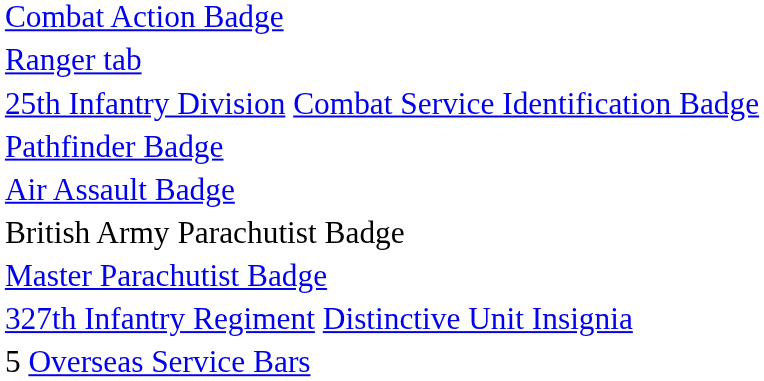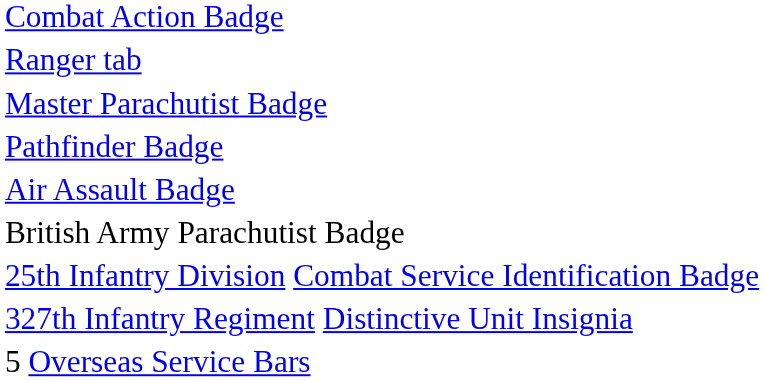 <table>
 <tr>
 <td> <a href='#'>Combat Action Badge</a></td>
 </tr>
 <tr>
 <td> <a href='#'>Ranger tab</a></td>
 </tr>
 <tr>
-<td> <a href='#'>25th Infantry Division</a> <a href='#'>Combat Service Identification Badge</a></td>
+<td> <a href='#'>Master Parachutist Badge</a></td>
 </tr>
 <tr>
 <td> <a href='#'>Pathfinder Badge</a></td>
 </tr>
 <tr>
 <td> <a href='#'>Air Assault Badge</a></td>
 </tr>
 <tr>
 <td> British Army Parachutist Badge</td>
 </tr>
 <tr>
-<td> <a href='#'>Master Parachutist Badge</a></td>
+<td> <a href='#'>25th Infantry Division</a> <a href='#'>Combat Service Identification Badge</a></td>
 </tr>
 <tr>
 <td> <a href='#'>327th Infantry Regiment</a> <a href='#'>Distinctive Unit Insignia</a></td>
 </tr>
 <tr>
 <td> 5 <a href='#'>Overseas Service Bars</a></td>
 </tr>
 </table>
